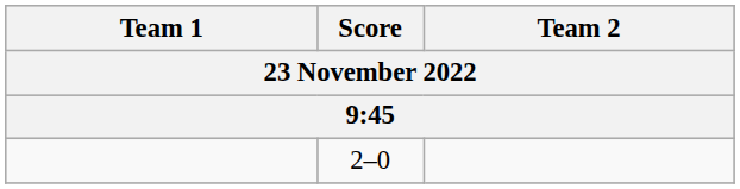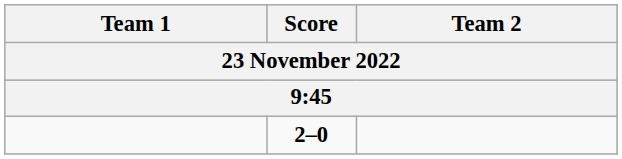 <table class="wikitable" style="text-align: center; font-size:90% ">
 <tr>
 <th align="right" width="160">Team 1</th>
 <th width="50">Score</th>
 <th align="left" width="160">Team 2</th>
 </tr>
 <tr>
 <th colspan=3>23 November 2022</th>
 </tr>
 <tr>
 <th colspan=3>9:45</th>
 </tr>
 <tr>
 <td align=right></td>
-<td align=center>2–0</td>
+<td align=center><strong>2–0</strong></td>
 <td align=left></td>
 </tr>
 </table>
